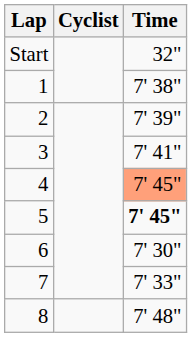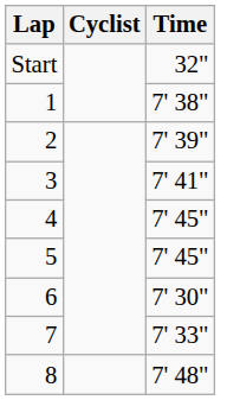 <table class="wikitable">
 <tr>
 <th>Lap</th>
 <th>Cyclist</th>
 <th>Time</th>
 </tr>
 <tr>
 <td align=right>Start</td>
 <td rowspan=2></td>
 <td align=right>32"</td>
 </tr>
 <tr>
 <td align=right>1</td>
 <td align=right>7' 38"</td>
 </tr>
 <tr>
 <td align=right>2</td>
 <td rowspan=6></td>
 <td align=right>7' 39"</td>
 </tr>
 <tr>
 <td align=right>3</td>
 <td align=right>7' 41"</td>
 </tr>
 <tr>
 <td align=right>4</td>
-<td align=right style="background: lightsalmon;">7' 45"</td>
+<td align=right>7' 45"</td>
 </tr>
 <tr>
 <td align=right>5</td>
-<td align=right><strong>7' 45"</strong></td>
+<td align=right>7' 45"</td>
 </tr>
 <tr>
 <td align=right>6</td>
 <td align=right>7' 30"</td>
 </tr>
 <tr>
 <td align=right>7</td>
 <td align=right>7' 33"</td>
 </tr>
 <tr>
 <td align=right>8</td>
 <td></td>
 <td align=right>7' 48"</td>
 </tr>
 </table>
